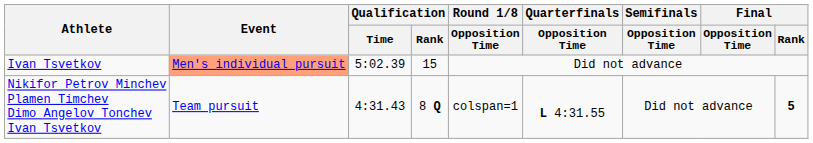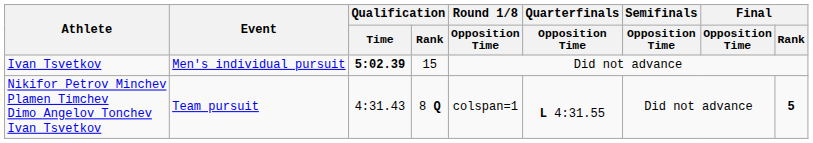 <table class="wikitable" style="font-size:90%">
 <tr>
 <th rowspan="2">Athlete</th>
 <th rowspan="2">Event</th>
 <th colspan=2>Qualification</th>
 <th>Round 1/8</th>
 <th>Quarterfinals</th>
 <th>Semifinals</th>
 <th colspan=2>Final</th>
 </tr>
 <tr style="font-size:95%">
 <th>Time</th>
 <th>Rank</th>
 <th>Opposition<br>Time</th>
 <th>Opposition<br>Time</th>
 <th>Opposition<br>Time</th>
 <th>Opposition<br>Time</th>
 <th>Rank</th>
 </tr>
 <tr align=center>
 <td align=left><a href='#'>Ivan Tsvetkov</a></td>
-<td align=left style="background: lightsalmon;"><a href='#'>Men's individual pursuit</a></td>
-<td>5:02.39</td>
+<td align=left><a href='#'>Men's individual pursuit</a></td>
+<td><strong>5:02.39</strong></td>
 <td>15</td>
 <td colspan=5>Did not advance</td>
 </tr>
 <tr align=center>
 <td align=left><a href='#'>Nikifor Petrov Minchev</a><br><a href='#'>Plamen Timchev</a><br><a href='#'>Dimo Angelov Tonchev</a><br><a href='#'>Ivan Tsvetkov</a></td>
 <td align=left><a href='#'>Team pursuit</a></td>
 <td>4:31.43</td>
 <td>8 <strong>Q</strong></td>
 <td>colspan=1 </td>
 <td><br><strong>L</strong> 4:31.55</td>
 <td colspan=2>Did not advance</td>
 <td><strong>5</strong></td>
 </tr>
 </table>
